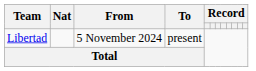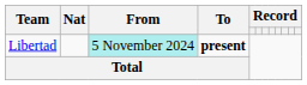 <table class="wikitable" tyle="text-align: center">
 <tr>
 <th rowspan="2">Team</th>
 <th rowspan="2">Nat</th>
 <th rowspan="2">From</th>
 <th rowspan="2">To</th>
 <th colspan="8">Record</th>
 </tr>
 <tr>
 <th></th>
 <th></th>
 <th></th>
 <th></th>
 <th></th>
 <th></th>
 <th></th>
 <th></th>
 </tr>
 <tr>
 <td align=center><a href='#'>Libertad</a></td>
 <td rowspan="1"></td>
-<td align=center>5 November 2024</td>
-<td align=center>present<br></td>
+<td align=center style="background: paleturquoise;">5 November 2024</td>
+<td align=center><strong>present<br></strong></td>
 </tr>
 <tr>
 <th colspan="4">Total<br></th>
 </tr>
 </table>
